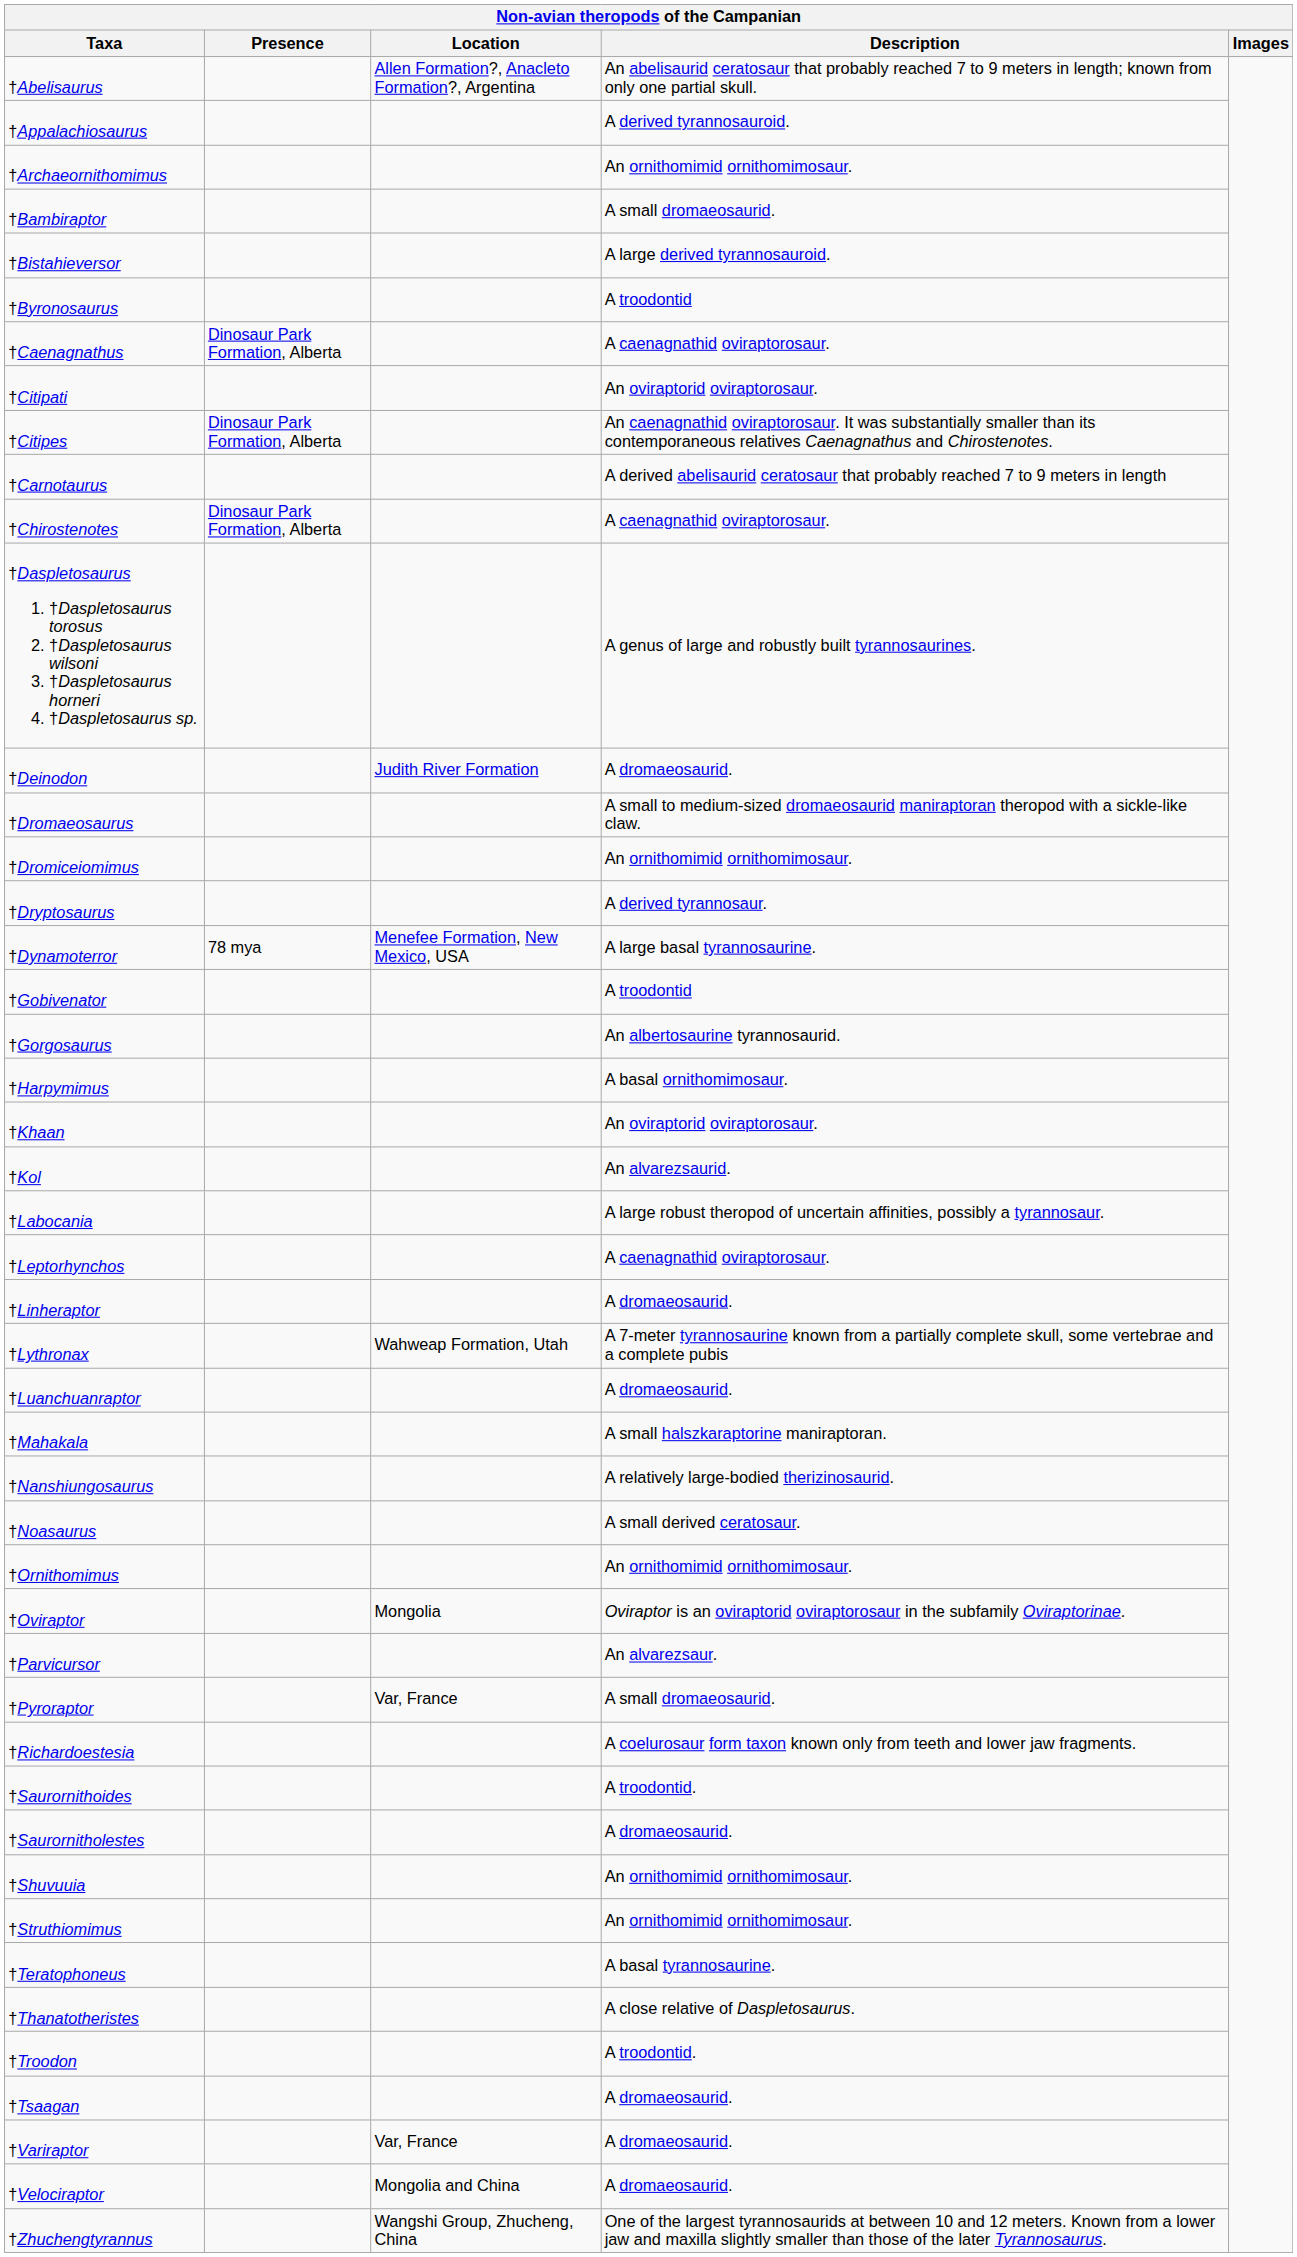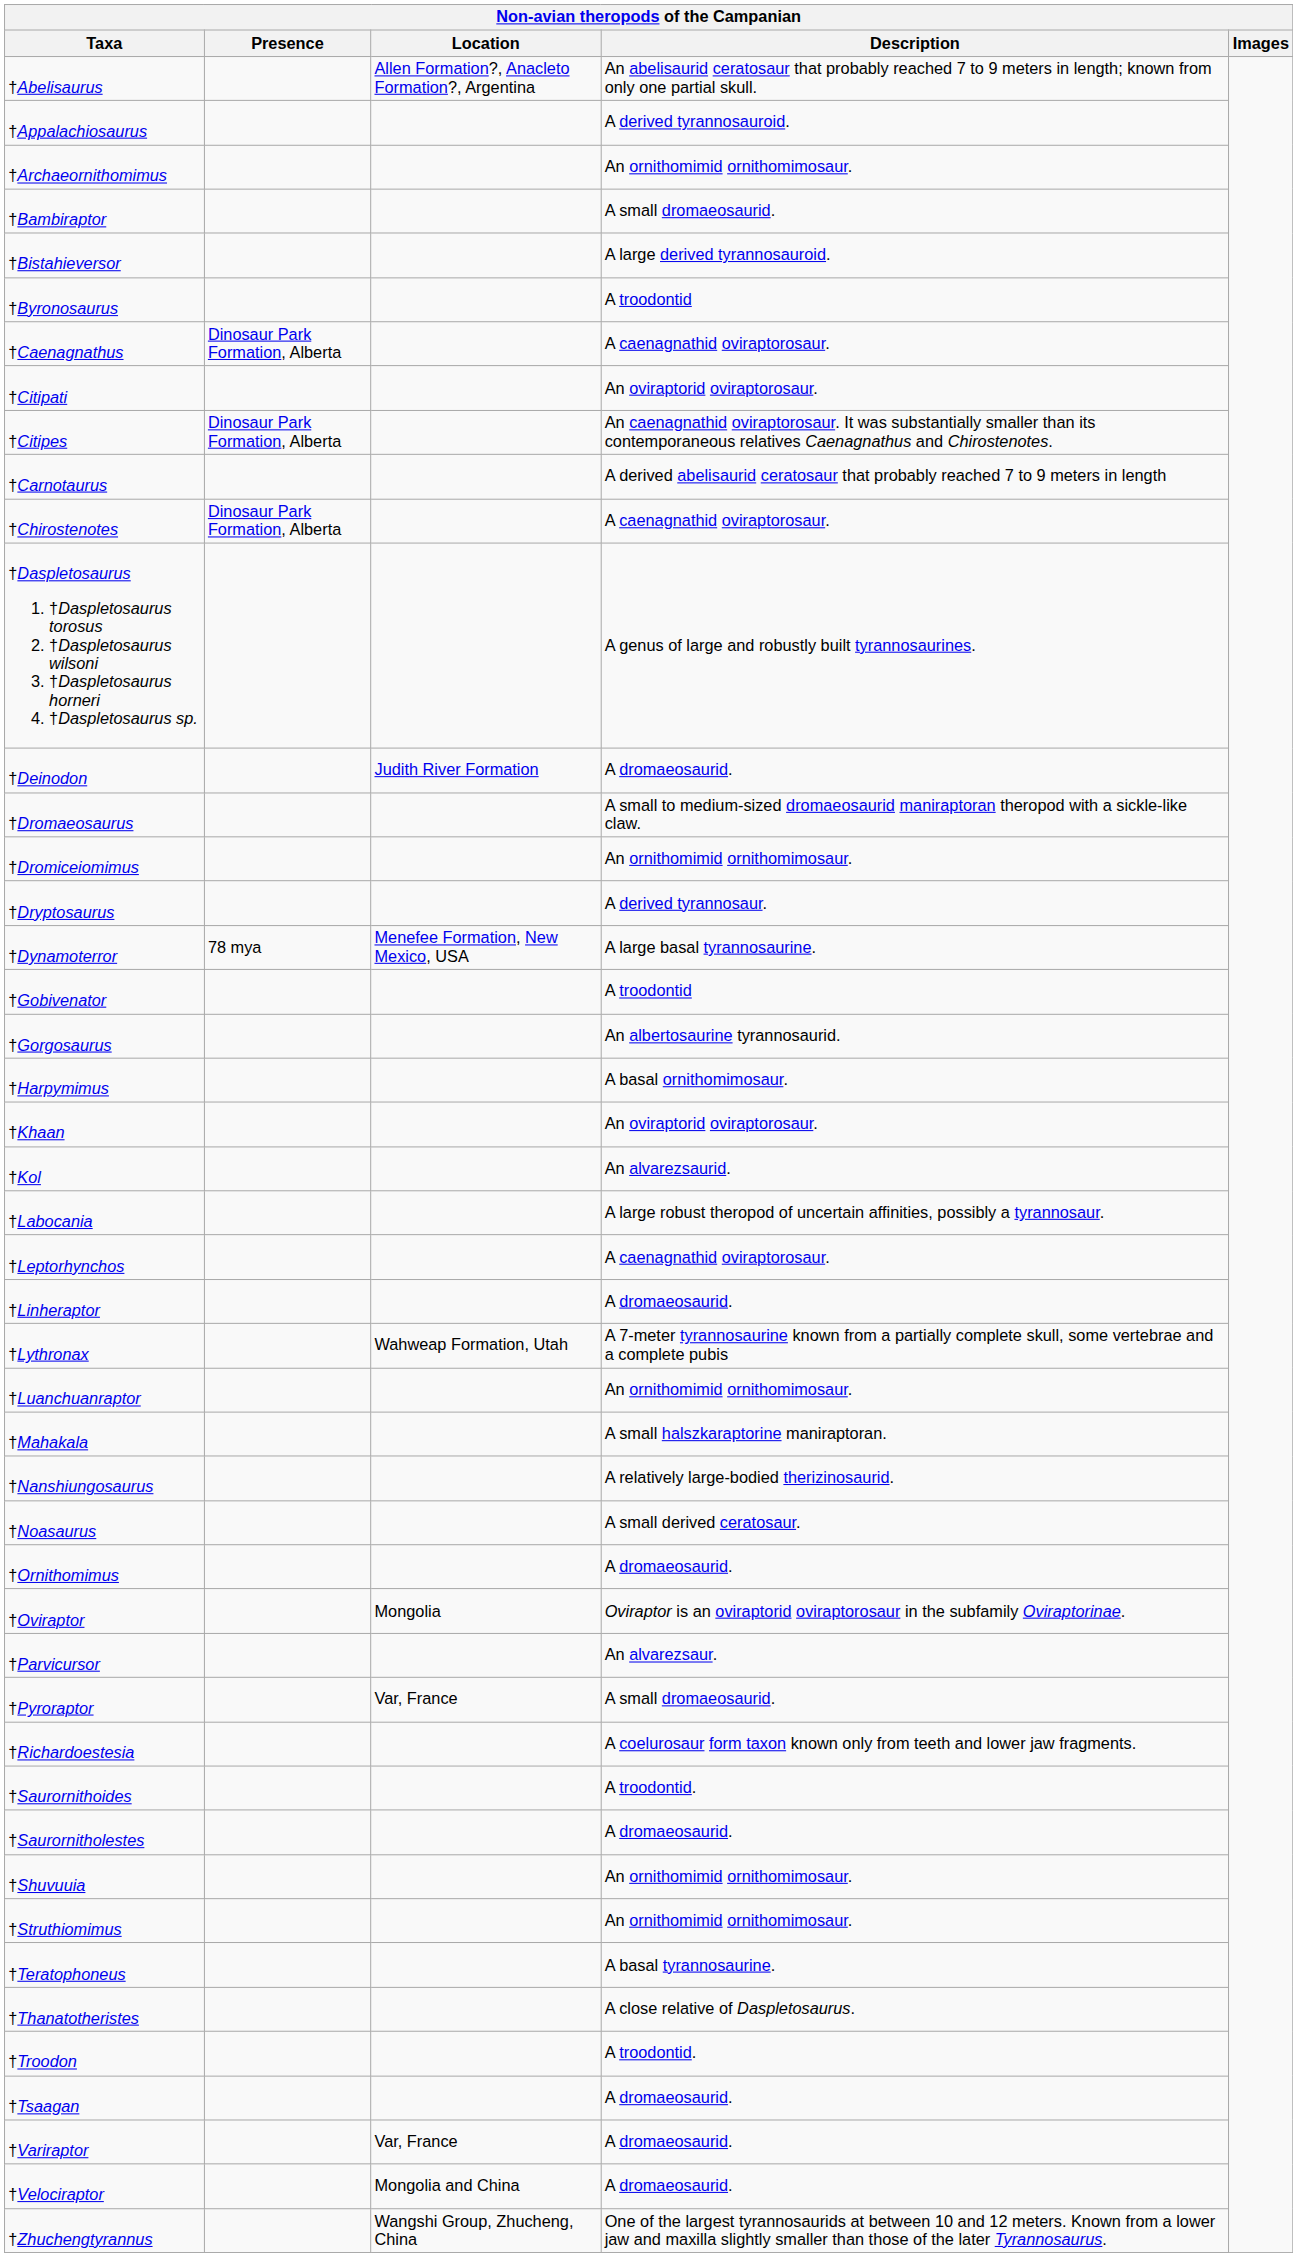 <table class="wikitable" align="center" width="100%">
 <tr>
 <th colspan="5" align="center"><a href='#'>Non-avian theropods</a> of the Campanian</th>
 </tr>
 <tr>
 <th>Taxa</th>
 <th>Presence</th>
 <th>Location</th>
 <th>Description</th>
 <th>Images</th>
 </tr>
 <tr>
 <td><br>†<em><a href='#'>Abelisaurus</a></em></td>
 <td></td>
 <td><a href='#'>Allen Formation</a>?, <a href='#'>Anacleto Formation</a>?, Argentina</td>
 <td>An <a href='#'>abelisaurid</a> <a href='#'>ceratosaur</a> that probably reached 7 to 9 meters in length; known from only one partial skull.</td>
 <td rowspan="99"><br><br><br><br><br><br><br><br><br><br><br><br><br><br><br><br><br><br></td>
 </tr>
 <tr>
 <td><br>†<em><a href='#'>Appalachiosaurus</a></em></td>
 <td></td>
 <td></td>
 <td>A <a href='#'>derived tyrannosauroid</a>.</td>
 </tr>
 <tr>
 <td><br>†<em><a href='#'>Archaeornithomimus</a></em></td>
 <td></td>
 <td></td>
 <td>An <a href='#'>ornithomimid</a> <a href='#'>ornithomimosaur</a>.</td>
 </tr>
 <tr>
 <td><br>†<em><a href='#'>Bambiraptor</a></em></td>
 <td></td>
 <td></td>
 <td>A small <a href='#'>dromaeosaurid</a>.</td>
 </tr>
 <tr>
 <td><br>†<em><a href='#'>Bistahieversor</a></em></td>
 <td></td>
 <td></td>
 <td>A large <a href='#'>derived tyrannosauroid</a>.</td>
 </tr>
 <tr>
 <td><br>†<em><a href='#'>Byronosaurus</a></em></td>
 <td></td>
 <td></td>
 <td>A <a href='#'>troodontid</a></td>
 </tr>
 <tr>
 <td><br>†<em><a href='#'>Caenagnathus</a></em></td>
 <td><a href='#'>Dinosaur Park Formation</a>, Alberta</td>
 <td></td>
 <td>A <a href='#'>caenagnathid</a> <a href='#'>oviraptorosaur</a>.</td>
 </tr>
 <tr>
 <td><br>†<em><a href='#'>Citipati</a></em></td>
 <td></td>
 <td></td>
 <td>An <a href='#'>oviraptorid</a> <a href='#'>oviraptorosaur</a>.</td>
 </tr>
 <tr>
 <td><br>†<em><a href='#'>Citipes</a></em></td>
 <td><a href='#'>Dinosaur Park Formation</a>, Alberta</td>
 <td></td>
 <td>An <a href='#'>caenagnathid</a> <a href='#'>oviraptorosaur</a>. It was substantially smaller than its contemporaneous relatives <em>Caenagnathus</em> and <em>Chirostenotes</em>.</td>
 </tr>
 <tr>
 <td><br>†<em><a href='#'>Carnotaurus</a></em></td>
 <td></td>
 <td></td>
 <td>A derived <a href='#'>abelisaurid</a> <a href='#'>ceratosaur</a> that probably reached 7 to 9 meters in length</td>
 </tr>
 <tr>
 <td><br>†<em><a href='#'>Chirostenotes</a></em></td>
 <td><a href='#'>Dinosaur Park Formation</a>, Alberta</td>
 <td></td>
 <td>A <a href='#'>caenagnathid</a> <a href='#'>oviraptorosaur</a>.</td>
 </tr>
 <tr>
 <td><br>†<em><a href='#'>Daspletosaurus</a></em><ol><li>†<em>Daspletosaurus torosus</em></li><li>†<em>Daspletosaurus wilsoni</em></li><li>†<em>Daspletosaurus horneri</em></li><li>†<em>Daspletosaurus sp.</em></li></ol></td>
 <td></td>
 <td></td>
 <td>A genus of large and robustly built <a href='#'>tyrannosaurines</a>.</td>
 </tr>
 <tr>
 <td><br>†<em><a href='#'>Deinodon</a></em></td>
 <td></td>
 <td><a href='#'>Judith River Formation</a></td>
 <td>A <a href='#'>dromaeosaurid</a>.</td>
 </tr>
 <tr>
 <td><br>†<em><a href='#'>Dromaeosaurus</a></em></td>
 <td></td>
 <td></td>
 <td>A small to medium-sized <a href='#'>dromaeosaurid</a> <a href='#'>maniraptoran</a> theropod with a sickle-like claw.</td>
 </tr>
 <tr>
 <td><br>†<em><a href='#'>Dromiceiomimus</a></em></td>
 <td></td>
 <td></td>
 <td>An <a href='#'>ornithomimid</a> <a href='#'>ornithomimosaur</a>.</td>
 </tr>
 <tr>
 <td><br>†<em><a href='#'>Dryptosaurus</a></em></td>
 <td></td>
 <td></td>
 <td>A <a href='#'>derived tyrannosaur</a>.</td>
 </tr>
 <tr>
 <td><br>†<em><a href='#'>Dynamoterror</a></em></td>
 <td>78 mya</td>
 <td><a href='#'>Menefee Formation</a>, <a href='#'>New Mexico</a>, USA</td>
 <td>A large basal <a href='#'>tyrannosaurine</a>.</td>
 </tr>
 <tr>
 <td><br>†<em><a href='#'>Gobivenator</a></em></td>
 <td></td>
 <td></td>
 <td>A <a href='#'>troodontid</a></td>
 </tr>
 <tr>
 <td><br>†<em><a href='#'>Gorgosaurus</a></em></td>
 <td></td>
 <td></td>
 <td>An <a href='#'>albertosaurine</a> tyrannosaurid.</td>
 </tr>
 <tr>
 <td><br>†<em><a href='#'>Harpymimus</a></em></td>
 <td></td>
 <td></td>
 <td>A basal <a href='#'>ornithomimosaur</a>.</td>
 </tr>
 <tr>
 <td><br>†<em><a href='#'>Khaan</a></em></td>
 <td></td>
 <td></td>
 <td>An <a href='#'>oviraptorid</a> <a href='#'>oviraptorosaur</a>.</td>
 </tr>
 <tr>
 <td><br>†<em><a href='#'>Kol</a></em></td>
 <td></td>
 <td></td>
 <td>An <a href='#'>alvarezsaurid</a>.</td>
 </tr>
 <tr>
 <td><br>†<em><a href='#'>Labocania</a></em></td>
 <td></td>
 <td></td>
 <td>A large robust theropod of uncertain affinities, possibly a <a href='#'>tyrannosaur</a>.</td>
 </tr>
 <tr>
 <td><br>†<em><a href='#'>Leptorhynchos</a></em></td>
 <td></td>
 <td></td>
 <td>A <a href='#'>caenagnathid</a> <a href='#'>oviraptorosaur</a>.</td>
 </tr>
 <tr>
 <td><br>†<em><a href='#'>Linheraptor</a></em></td>
 <td></td>
 <td></td>
 <td>A <a href='#'>dromaeosaurid</a>.</td>
 </tr>
 <tr>
 <td><br>†<em><a href='#'>Lythronax</a></em></td>
 <td></td>
 <td>Wahweap Formation, Utah</td>
 <td>A 7-meter <a href='#'>tyrannosaurine</a> known from a partially complete skull, some vertebrae and a complete pubis</td>
 </tr>
 <tr>
 <td><br>†<em><a href='#'>Luanchuanraptor</a></em></td>
 <td></td>
 <td></td>
-<td>A <a href='#'>dromaeosaurid</a>.</td>
+<td>An <a href='#'>ornithomimid</a> <a href='#'>ornithomimosaur</a>.</td>
 </tr>
 <tr>
 <td><br>†<em><a href='#'>Mahakala</a></em></td>
 <td></td>
 <td></td>
 <td>A small <a href='#'>halszkaraptorine</a> maniraptoran.</td>
 </tr>
 <tr>
 <td><br>†<em><a href='#'>Nanshiungosaurus</a></em></td>
 <td></td>
 <td></td>
 <td>A relatively large-bodied <a href='#'>therizinosaurid</a>.</td>
 </tr>
 <tr>
 <td><br>†<em><a href='#'>Noasaurus</a></em></td>
 <td></td>
 <td></td>
 <td>A small derived <a href='#'>ceratosaur</a>.</td>
 </tr>
 <tr>
 <td><br>†<em><a href='#'>Ornithomimus</a></em></td>
 <td></td>
 <td></td>
-<td>An <a href='#'>ornithomimid</a> <a href='#'>ornithomimosaur</a>.</td>
+<td>A <a href='#'>dromaeosaurid</a>.</td>
 </tr>
 <tr>
 <td><br>†<em><a href='#'>Oviraptor</a></em></td>
 <td></td>
 <td>Mongolia</td>
 <td><em>Oviraptor</em> is an <a href='#'>oviraptorid</a> <a href='#'>oviraptorosaur</a> in the subfamily <em><a href='#'>Oviraptorinae</a></em>.</td>
 </tr>
 <tr>
 <td><br>†<em><a href='#'>Parvicursor</a></em></td>
 <td></td>
 <td></td>
 <td>An <a href='#'>alvarezsaur</a>.</td>
 </tr>
 <tr>
 <td><br>†<em><a href='#'>Pyroraptor</a></em></td>
 <td></td>
 <td>Var, France</td>
 <td>A small <a href='#'>dromaeosaurid</a>.</td>
 </tr>
 <tr>
 <td><br>†<em><a href='#'>Richardoestesia</a></em></td>
 <td></td>
 <td></td>
 <td>A <a href='#'>coelurosaur</a> <a href='#'>form taxon</a> known only from teeth and lower jaw fragments.</td>
 </tr>
 <tr>
 <td><br>†<em><a href='#'>Saurornithoides</a></em></td>
 <td></td>
 <td></td>
 <td>A <a href='#'>troodontid</a>.</td>
 </tr>
 <tr>
 <td><br>†<em><a href='#'>Saurornitholestes</a></em></td>
 <td></td>
 <td></td>
 <td>A <a href='#'>dromaeosaurid</a>.</td>
 </tr>
 <tr>
 <td><br>†<em><a href='#'>Shuvuuia</a></em></td>
 <td></td>
 <td></td>
 <td>An <a href='#'>ornithomimid</a> <a href='#'>ornithomimosaur</a>.</td>
 </tr>
 <tr>
 <td><br>†<em><a href='#'>Struthiomimus</a></em></td>
 <td></td>
 <td></td>
 <td>An <a href='#'>ornithomimid</a> <a href='#'>ornithomimosaur</a>.</td>
 </tr>
 <tr>
 <td><br>†<em><a href='#'>Teratophoneus</a></em></td>
 <td></td>
 <td></td>
 <td>A basal <a href='#'>tyrannosaurine</a>.</td>
 </tr>
 <tr>
 <td><br>†<em><a href='#'>Thanatotheristes</a></em></td>
 <td></td>
 <td></td>
 <td>A close relative of <em>Daspletosaurus</em>.</td>
 </tr>
 <tr>
 <td><br>†<em><a href='#'>Troodon</a></em></td>
 <td></td>
 <td></td>
 <td>A <a href='#'>troodontid</a>.</td>
 </tr>
 <tr>
 <td><br>†<em><a href='#'>Tsaagan</a></em></td>
 <td></td>
 <td></td>
 <td>A <a href='#'>dromaeosaurid</a>.</td>
 </tr>
 <tr>
 <td><br>†<em><a href='#'>Variraptor</a></em></td>
 <td></td>
 <td>Var, France</td>
 <td>A <a href='#'>dromaeosaurid</a>.</td>
 </tr>
 <tr>
 <td><br>†<em><a href='#'>Velociraptor</a></em></td>
 <td></td>
 <td>Mongolia and China</td>
 <td>A <a href='#'>dromaeosaurid</a>.</td>
 </tr>
 <tr>
 <td><br>†<em><a href='#'>Zhuchengtyrannus</a></em></td>
 <td></td>
 <td>Wangshi Group, Zhucheng, China</td>
 <td>One of the largest tyrannosaurids at between 10 and 12 meters. Known from a lower jaw and maxilla slightly smaller than those of the later <em><a href='#'>Tyrannosaurus</a></em>.</td>
 </tr>
 <tr>
 </tr>
 </table>
